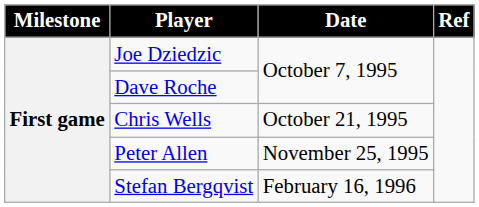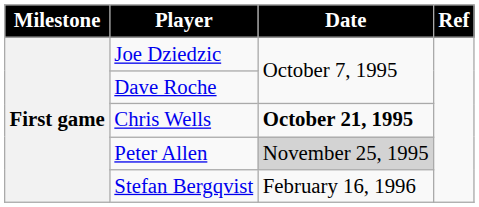 <table class="wikitable">
 <tr>
 <th style="color:white; background:#000000; ">Milestone</th>
 <th style="color:white; background:#000000; ">Player</th>
 <th style="color:white; background:#000000; ">Date</th>
 <th style="color:white; background:#000000; ">Ref</th>
 </tr>
 <tr>
 <th rowspan=5>First game</th>
 <td><a href='#'>Joe Dziedzic</a></td>
 <td rowspan=2>October 7, 1995</td>
 <td rowspan=5></td>
 </tr>
 <tr>
 <td><a href='#'>Dave Roche</a></td>
 </tr>
 <tr>
 <td><a href='#'>Chris Wells</a></td>
-<td>October 21, 1995</td>
+<td><strong>October 21, 1995</strong></td>
 </tr>
 <tr>
 <td><a href='#'>Peter Allen</a></td>
-<td>November 25, 1995</td>
+<td style="background: lightgrey;">November 25, 1995</td>
 </tr>
 <tr>
 <td><a href='#'>Stefan Bergqvist</a></td>
 <td>February 16, 1996</td>
 </tr>
 </table>
